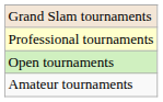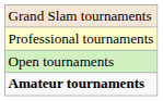 <table class="wikitable">
 <tr>
 </tr>
 <tr style="background:#F3E6D7">
 <td>Grand Slam tournaments</td>
 </tr>
 <tr style="background:#ffc;">
 <td>Professional tournaments</td>
 </tr>
 <tr style="background:#d0f0c0;">
 <td>Open tournaments</td>
 </tr>
 <tr>
-<td>Amateur tournaments</td>
+<td><strong>Amateur tournaments</strong></td>
 </tr>
 </table>
